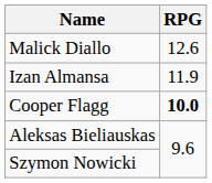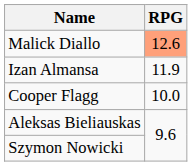 <table class="wikitable">
 <tr>
 <th>Name</th>
 <th>RPG</th>
 </tr>
 <tr>
 <td> Malick Diallo</td>
-<td align=center>12.6</td>
+<td align=center style="background: lightsalmon;">12.6</td>
 </tr>
 <tr>
 <td> Izan Almansa</td>
 <td align=center>11.9</td>
 </tr>
 <tr>
 <td> Cooper Flagg</td>
-<td align=center><strong>10.0</strong></td>
+<td align=center>10.0</td>
 </tr>
 <tr>
 <td> Aleksas Bieliauskas</td>
 <td align=center rowspan=2>9.6</td>
 </tr>
 <tr>
 <td> Szymon Nowicki</td>
 </tr>
 </table>
